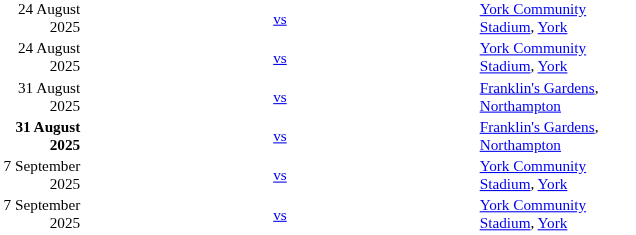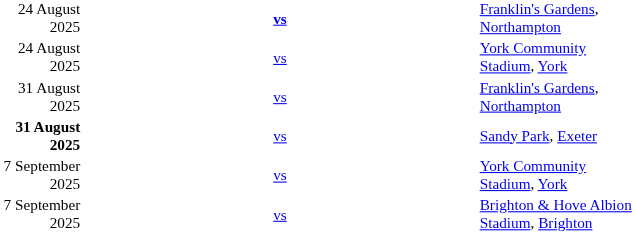 <table style="width:100%" cellspacing="1">
 <tr>
 <th width=15%></th>
 <th width=25%></th>
 <th width=10%></th>
 <th width=25%></th>
 </tr>
 <tr style=font-size:90%>
 <td align=right>24 August 2025</td>
 <td align=right></td>
-<td align=center><a href='#'>vs</a></td>
+<td align=center><strong><a href='#'>vs</a></strong></td>
 <td></td>
-<td><a href='#'>York Community Stadium</a>, <a href='#'>York</a></td>
+<td><a href='#'>Franklin's Gardens</a>, <a href='#'>Northampton</a></td>
 </tr>
 <tr style=font-size:90%>
 <td align=right>24 August 2025</td>
 <td align=right></td>
 <td align=center><a href='#'>vs</a></td>
 <td></td>
 <td><a href='#'>York Community Stadium</a>, <a href='#'>York</a></td>
 </tr>
 <tr style=font-size:90%>
 <td align=right>31 August 2025</td>
 <td align=right></td>
 <td align=center><a href='#'>vs</a></td>
 <td></td>
 <td><a href='#'>Franklin's Gardens</a>, <a href='#'>Northampton</a></td>
 </tr>
 <tr style=font-size:90%>
 <td align=right><strong>31 August 2025</strong></td>
 <td align=right></td>
 <td align=center><a href='#'>vs</a></td>
 <td></td>
-<td><a href='#'>Franklin's Gardens</a>, <a href='#'>Northampton</a></td>
+<td><a href='#'>Sandy Park</a>, <a href='#'>Exeter</a></td>
 </tr>
 <tr style=font-size:90%>
 <td align=right>7 September 2025</td>
 <td align=right></td>
 <td align=center><a href='#'>vs</a></td>
 <td></td>
 <td><a href='#'>York Community Stadium</a>, <a href='#'>York</a></td>
 </tr>
 <tr style=font-size:90%>
 <td align=right>7 September 2025</td>
 <td align=right></td>
 <td align=center><a href='#'>vs</a></td>
 <td></td>
-<td><a href='#'>York Community Stadium</a>, <a href='#'>York</a></td>
+<td><a href='#'>Brighton & Hove Albion Stadium</a>, <a href='#'>Brighton</a></td>
 </tr>
 </table>
